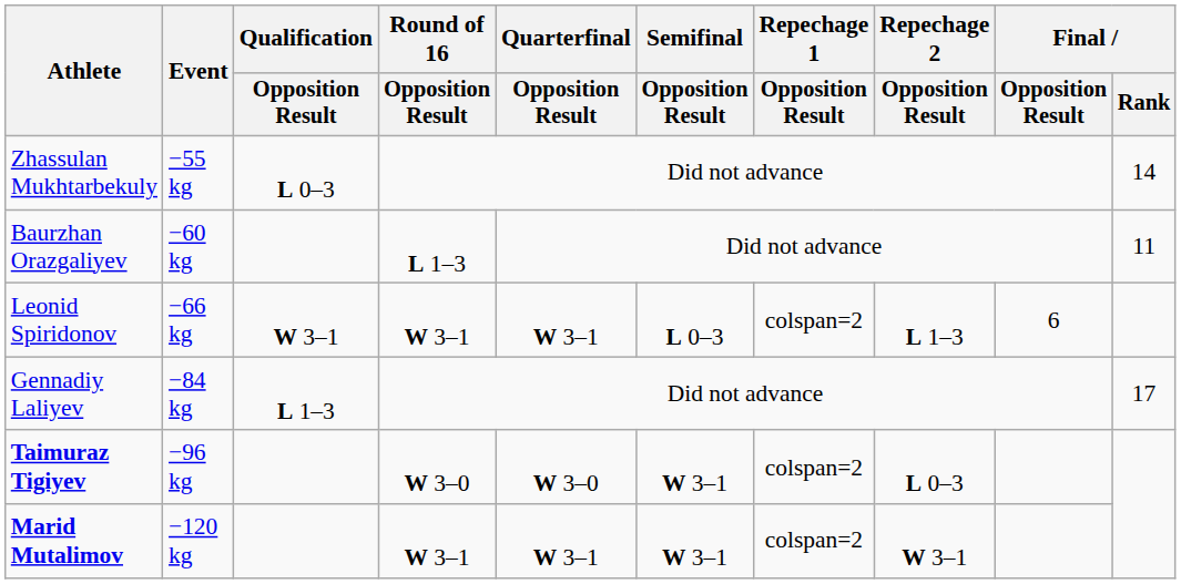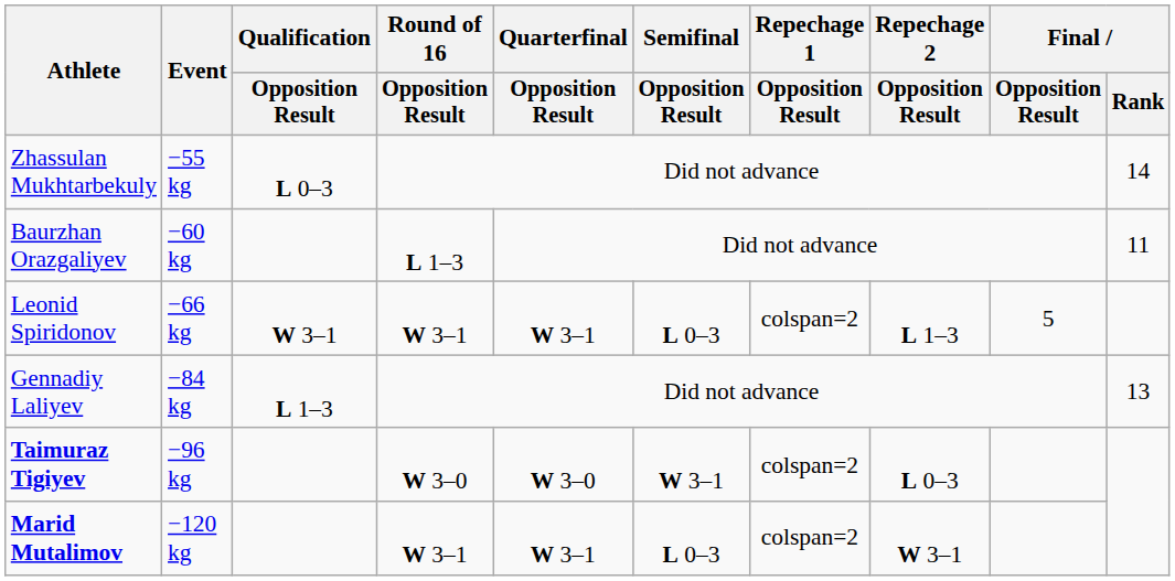 <table class="wikitable" style="font-size:90%">
 <tr>
 <th rowspan="2">Athlete</th>
 <th rowspan="2">Event</th>
 <th>Qualification</th>
 <th>Round of 16</th>
 <th>Quarterfinal</th>
 <th>Semifinal</th>
 <th>Repechage 1</th>
 <th>Repechage 2</th>
 <th colspan=2>Final / </th>
 </tr>
 <tr style="font-size: 95%">
 <th>Opposition<br>Result</th>
 <th>Opposition<br>Result</th>
 <th>Opposition<br>Result</th>
 <th>Opposition<br>Result</th>
 <th>Opposition<br>Result</th>
 <th>Opposition<br>Result</th>
 <th>Opposition<br>Result</th>
 <th>Rank</th>
 </tr>
 <tr align=center>
 <td align=left><a href='#'>Zhassulan Mukhtarbekuly</a></td>
 <td align=left><a href='#'>−55 kg</a></td>
 <td><br><strong>L</strong> 0–3 <sup></sup></td>
 <td colspan=6>Did not advance</td>
 <td>14</td>
 </tr>
 <tr align=center>
 <td align=left><a href='#'>Baurzhan Orazgaliyev</a></td>
 <td align=left><a href='#'>−60 kg</a></td>
 <td></td>
 <td><br><strong>L</strong> 1–3 <sup></sup></td>
 <td colspan=5>Did not advance</td>
 <td>11</td>
 </tr>
 <tr align=center>
 <td align=left><a href='#'>Leonid Spiridonov</a></td>
 <td align=left><a href='#'>−66 kg</a></td>
 <td><br><strong>W</strong> 3–1 <sup></sup></td>
 <td><br><strong>W</strong> 3–1 <sup></sup></td>
 <td><br><strong>W</strong> 3–1 <sup></sup></td>
 <td><br><strong>L</strong> 0–3 <sup></sup></td>
 <td>colspan=2 </td>
 <td><br><strong>L</strong> 1–3 <sup></sup></td>
-<td>6</td>
+<td>5</td>
 </tr>
 <tr align=center>
 <td align=left><a href='#'>Gennadiy Laliyev</a></td>
 <td align=left><a href='#'>−84 kg</a></td>
 <td><br><strong>L</strong> 1–3 <sup></sup></td>
 <td colspan=6>Did not advance</td>
-<td>17</td>
+<td>13</td>
 </tr>
 <tr align=center>
 <td align=left><strong><a href='#'>Taimuraz Tigiyev</a></strong></td>
 <td align=left><a href='#'>−96 kg</a></td>
 <td></td>
 <td><br><strong>W</strong> 3–0 <sup></sup></td>
 <td><br><strong>W</strong> 3–0 <sup></sup></td>
 <td><br><strong>W</strong> 3–1 <sup></sup></td>
 <td>colspan=2 </td>
 <td><br><strong>L</strong> 0–3 <sup></sup></td>
 <td></td>
 </tr>
 <tr align=center>
 <td align=left><strong><a href='#'>Marid Mutalimov</a></strong></td>
 <td align=left><a href='#'>−120 kg</a></td>
 <td></td>
 <td><br><strong>W</strong> 3–1 <sup></sup></td>
 <td><br><strong>W</strong> 3–1 <sup></sup></td>
-<td><br><strong>W</strong> 3–1 <sup></sup></td>
+<td><br> <strong>L</strong> 0–3 <sup></sup></td>
 <td>colspan=2 </td>
 <td><br><strong>W</strong> 3–1 <sup></sup></td>
 <td></td>
 </tr>
 </table>
